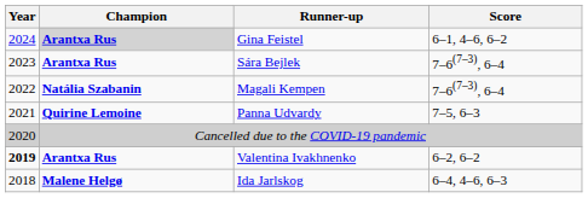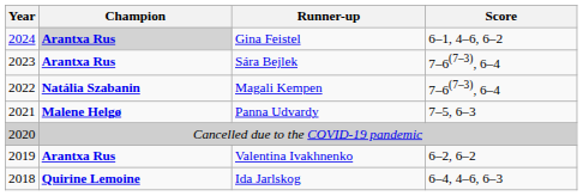 <table class="wikitable" style="font-size:90%">
 <tr>
 <th>Year</th>
 <th width="200">Champion</th>
 <th width="200">Runner-up</th>
 <th width="155">Score</th>
 </tr>
 <tr>
 <td><a href='#'>2024</a></td>
 <td style="background: lightgrey;"> <strong><a href='#'>Arantxa Rus</a></strong></td>
 <td> <a href='#'>Gina Feistel</a></td>
 <td>6–1, 4–6, 6–2</td>
 </tr>
 <tr>
 <td>2023</td>
 <td> <strong><a href='#'>Arantxa Rus</a></strong></td>
 <td> <a href='#'>Sára Bejlek</a></td>
 <td>7–6<sup>(7–3)</sup>, 6–4</td>
 </tr>
 <tr>
 <td>2022</td>
 <td> <strong><a href='#'>Natália Szabanin</a></strong></td>
 <td> <a href='#'>Magali Kempen</a></td>
 <td>7–6<sup>(7–3)</sup>, 6–4</td>
 </tr>
 <tr>
 <td>2021</td>
-<td> <strong><a href='#'>Quirine Lemoine</a></strong></td>
+<td> <strong><a href='#'>Malene Helgø</a></strong></td>
 <td> <a href='#'>Panna Udvardy</a></td>
 <td>7–5, 6–3</td>
 </tr>
 <tr>
 <td style="background:#cfcfcf">2020</td>
 <td colspan=3 align=center style="background:#cfcfcf"><em>Cancelled due to the <a href='#'>COVID-19 pandemic</a></em></td>
 </tr>
 <tr>
-<td><strong>2019</strong></td>
+<td>2019</td>
 <td> <strong><a href='#'>Arantxa Rus</a></strong></td>
 <td> <a href='#'>Valentina Ivakhnenko</a></td>
 <td>6–2, 6–2</td>
 </tr>
 <tr>
 <td>2018</td>
-<td> <strong><a href='#'>Malene Helgø</a></strong></td>
+<td> <strong><a href='#'>Quirine Lemoine</a></strong></td>
 <td> <a href='#'>Ida Jarlskog</a></td>
 <td>6–4, 4–6, 6–3</td>
 </tr>
 </table>
